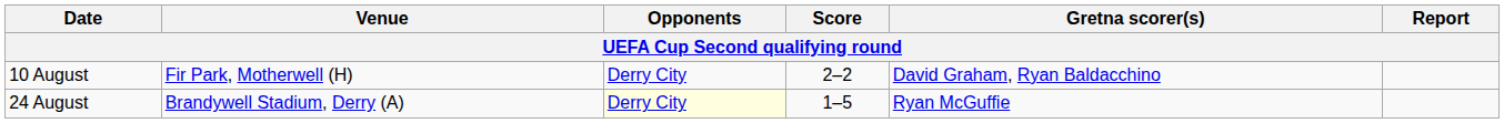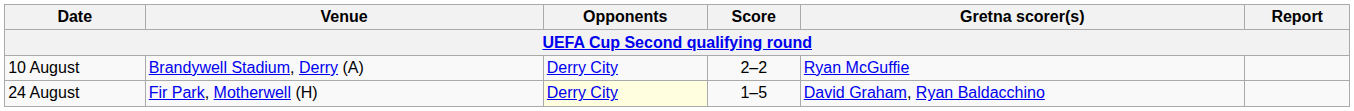 <table class="wikitable" width=85%>
 <tr>
 <th>Date</th>
 <th>Venue</th>
 <th>Opponents</th>
 <th>Score</th>
 <th>Gretna scorer(s)</th>
 <th>Report</th>
 </tr>
 <tr>
 <th colspan=7><a href='#'>UEFA Cup Second qualifying round</a></th>
 </tr>
 <tr>
 <td>10 August</td>
-<td><a href='#'>Fir Park</a>, <a href='#'>Motherwell</a> (H)</td>
+<td><a href='#'>Brandywell Stadium</a>, <a href='#'>Derry</a> (A)</td>
 <td> <a href='#'>Derry City</a></td>
 <td align=center>2–2</td>
-<td><a href='#'>David Graham</a>, <a href='#'>Ryan Baldacchino</a></td>
+<td><a href='#'>Ryan McGuffie</a></td>
 <td></td>
 </tr>
 <tr>
 <td>24 August</td>
-<td><a href='#'>Brandywell Stadium</a>, <a href='#'>Derry</a> (A)</td>
+<td><a href='#'>Fir Park</a>, <a href='#'>Motherwell</a> (H)</td>
 <td style="background: lightyellow;"> <a href='#'>Derry City</a></td>
 <td align=center>1–5</td>
-<td><a href='#'>Ryan McGuffie</a></td>
+<td><a href='#'>David Graham</a>, <a href='#'>Ryan Baldacchino</a></td>
 <td></td>
 </tr>
 </table>
